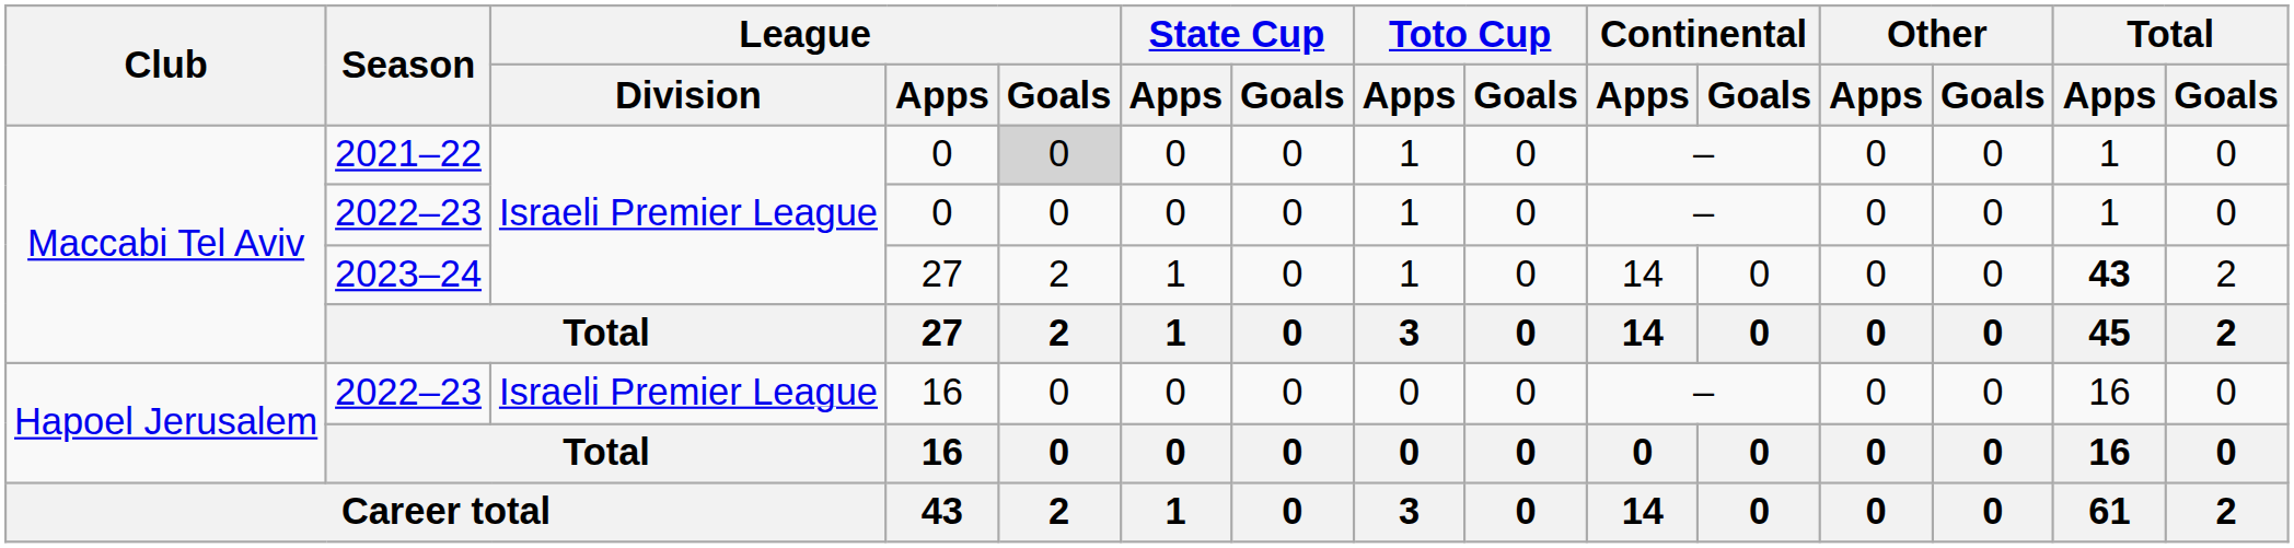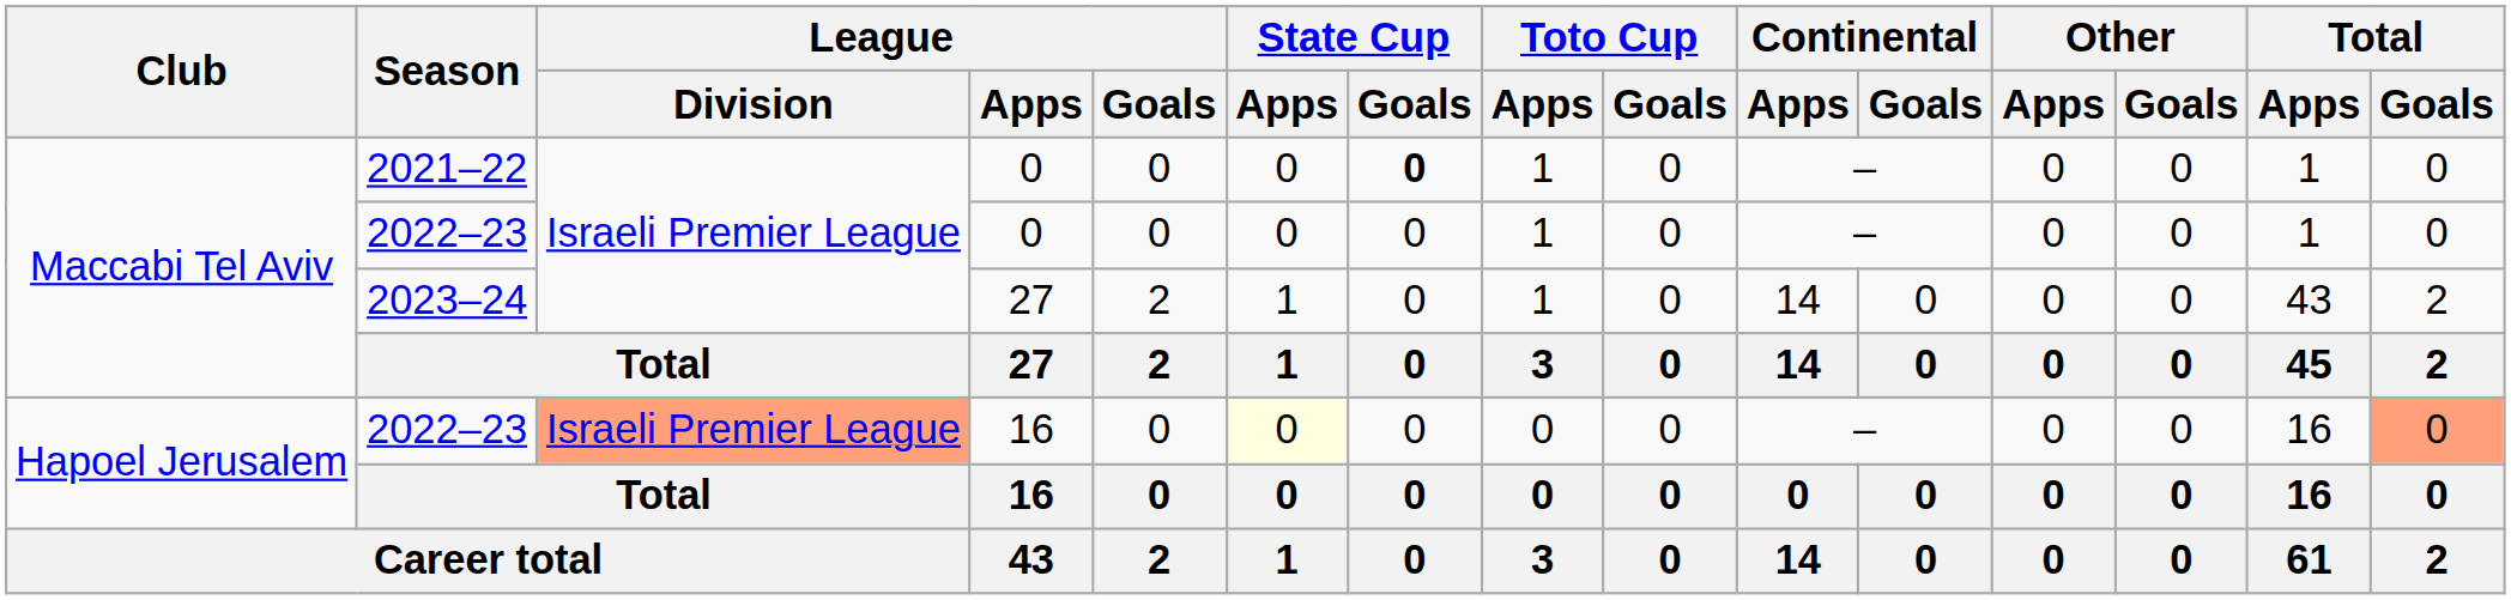 <table class="wikitable" style="text-align: center">
 <tr>
 <th rowspan="2">Club</th>
 <th rowspan="2">Season</th>
 <th colspan="3">League</th>
 <th colspan="2"><a href='#'>State Cup</a></th>
 <th colspan="2"><a href='#'>Toto Cup</a></th>
 <th colspan="2">Continental</th>
 <th colspan="2">Other</th>
 <th colspan="2">Total</th>
 </tr>
 <tr>
 <th>Division</th>
 <th>Apps</th>
 <th>Goals</th>
 <th>Apps</th>
 <th>Goals</th>
 <th>Apps</th>
 <th>Goals</th>
 <th>Apps</th>
 <th>Goals</th>
 <th>Apps</th>
 <th>Goals</th>
 <th>Apps</th>
 <th>Goals</th>
 </tr>
 <tr>
 <td rowspan="4"><a href='#'>Maccabi Tel Aviv</a></td>
 <td><a href='#'>2021–22</a></td>
 <td rowspan="3"><a href='#'>Israeli Premier League</a></td>
 <td>0</td>
-<td style="background: lightgrey;">0</td>
 <td>0</td>
 <td>0</td>
+<td><strong>0</strong></td>
 <td>1</td>
 <td>0</td>
 <td colspan="2">–</td>
 <td>0</td>
 <td>0</td>
 <td>1</td>
 <td>0</td>
 </tr>
 <tr>
 <td><a href='#'>2022–23</a></td>
 <td>0</td>
 <td>0</td>
 <td>0</td>
 <td>0</td>
 <td>1</td>
 <td>0</td>
 <td colspan="2">–</td>
 <td>0</td>
 <td>0</td>
 <td>1</td>
 <td>0</td>
 </tr>
 <tr>
 <td><a href='#'>2023–24</a></td>
 <td>27</td>
 <td>2</td>
 <td>1</td>
 <td>0</td>
 <td>1</td>
 <td>0</td>
 <td>14</td>
 <td>0</td>
 <td>0</td>
 <td>0</td>
-<td><strong>43</strong></td>
+<td>43</td>
 <td>2</td>
 </tr>
 <tr>
 <th colspan="2">Total</th>
 <th>27</th>
 <th>2</th>
 <th>1</th>
 <th>0</th>
 <th>3</th>
 <th>0</th>
 <th>14</th>
 <th>0</th>
 <th>0</th>
 <th>0</th>
 <th>45</th>
 <th>2</th>
 </tr>
 <tr>
 <td rowspan="2"><a href='#'>Hapoel Jerusalem</a></td>
 <td><a href='#'>2022–23</a></td>
-<td rowspan="1"><a href='#'>Israeli Premier League</a></td>
+<td rowspan="1" style="background: lightsalmon;"><a href='#'>Israeli Premier League</a></td>
 <td>16</td>
 <td>0</td>
-<td>0</td>
+<td style="background: lightyellow;">0</td>
 <td>0</td>
 <td>0</td>
 <td>0</td>
 <td colspan="2">–</td>
 <td>0</td>
 <td>0</td>
 <td>16</td>
-<td>0</td>
+<td style="background: lightsalmon;">0</td>
 </tr>
 <tr>
 <th colspan="2">Total</th>
 <th>16</th>
 <th>0</th>
 <th>0</th>
 <th>0</th>
 <th>0</th>
 <th>0</th>
 <th>0</th>
 <th>0</th>
 <th>0</th>
 <th>0</th>
 <th>16</th>
 <th>0</th>
 </tr>
 <tr>
 <th colspan="3"><strong>Career total</strong></th>
 <th>43</th>
 <th>2</th>
 <th>1</th>
 <th>0</th>
 <th>3</th>
 <th>0</th>
 <th>14</th>
 <th>0</th>
 <th>0</th>
 <th>0</th>
 <th>61</th>
 <th>2</th>
 </tr>
 </table>
